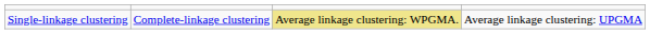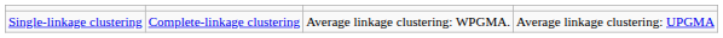 <table class="wikitable">
 <tr>
 <td></td>
 <td></td>
 <td></td>
 <td></td>
 </tr>
 <tr>
 <td><a href='#'>Single-linkage clustering</a></td>
 <td><a href='#'>Complete-linkage clustering</a></td>
-<td style="background: khaki;">Average linkage clustering: WPGMA.</td>
+<td>Average linkage clustering: WPGMA.</td>
 <td>Average linkage clustering: <a href='#'>UPGMA</a></td>
 </tr>
 </table>
